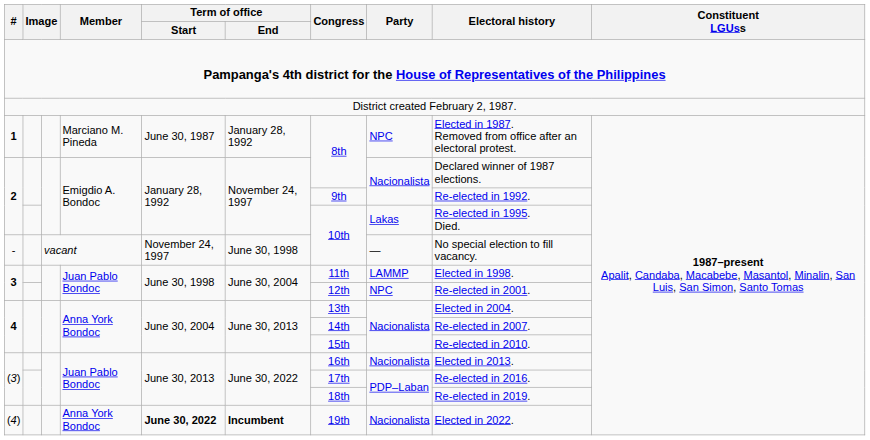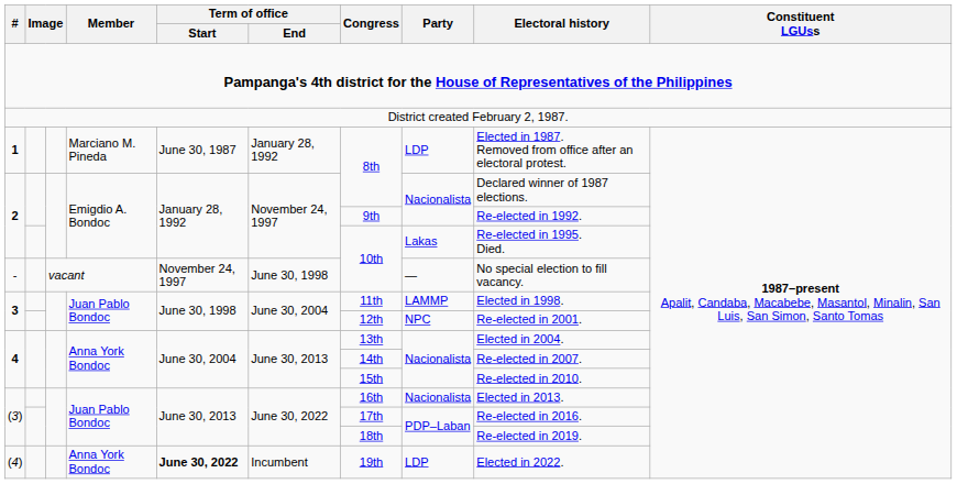 <table class=wikitable>
 <tr>
 <th rowspan="2">#</th>
 <th rowspan="2" colspan=2>Image</th>
 <th rowspan="2">Member</th>
 <th colspan=2>Term of office</th>
 <th rowspan="2">Congress</th>
 <th rowspan="2">Party</th>
 <th rowspan="2">Electoral history</th>
 <th rowspan="2">Constituent<br><a href='#'>LGUs</a>s</th>
 </tr>
 <tr>
 <th>Start</th>
 <th>End</th>
 </tr>
 <tr>
 <td colspan="10" style="text-align:center;"><br><h3>Pampanga's 4th district for the <a href='#'>House of Representatives of the Philippines</a></h3></td>
 </tr>
 <tr>
 <td colspan="10" style="text-align:center;">District created February 2, 1987.</td>
 </tr>
 <tr>
 <td style="text-align:center;"><strong>1</strong></td>
 <td style="color:inherit;background:"></td>
 <td></td>
 <td>Marciano M. Pineda</td>
 <td>June 30, 1987</td>
 <td>January 28, 1992</td>
 <td rowspan="2" style="text-align:center;"><a href='#'>8th</a></td>
-<td><a href='#'>NPC</a></td>
+<td><a href='#'>LDP</a></td>
 <td><a href='#'>Elected in 1987</a>.<br>Removed from office after an electoral protest.</td>
 <td rowspan="14" style="text-align:center;"><strong>1987–present</strong><br><a href='#'>Apalit</a>, <a href='#'>Candaba</a>, <a href='#'>Macabebe</a>, <a href='#'>Masantol</a>, <a href='#'>Minalin</a>, <a href='#'>San Luis</a>, <a href='#'>San Simon</a>, <a href='#'>Santo Tomas</a></td>
 </tr>
 <tr>
 <td rowspan="3" style="text-align:center;"><strong>2</strong></td>
 <td rowspan="2" style="color:inherit;background:"></td>
 <td rowspan="3"></td>
 <td rowspan="3">Emigdio A. Bondoc</td>
 <td rowspan="3">January 28, 1992</td>
 <td rowspan="3">November 24, 1997</td>
 <td rowspan="2"><a href='#'>Nacionalista</a></td>
 <td>Declared winner of 1987 elections.</td>
 </tr>
 <tr>
 <td style="text-align:center;"><a href='#'>9th</a></td>
 <td><a href='#'>Re-elected in 1992</a>.</td>
 </tr>
 <tr>
 <td style="color:inherit;background:"></td>
 <td rowspan="2" style="text-align:center;"><a href='#'>10th</a></td>
 <td><a href='#'>Lakas</a></td>
 <td><a href='#'>Re-elected in 1995</a>.<br>Died.</td>
 </tr>
 <tr>
 <td style="text-align:center;">-</td>
 <td style="color:inherit;background:"></td>
 <td colspan="2"><em>vacant</em></td>
 <td>November 24, 1997</td>
 <td>June 30, 1998</td>
 <td>—</td>
 <td>No special election to fill vacancy.</td>
 </tr>
 <tr>
 <td rowspan="2" style="text-align:center;"><strong>3</strong></td>
 <td style="color:inherit;background:"></td>
 <td rowspan="2"></td>
 <td rowspan="2"><a href='#'>Juan Pablo Bondoc</a></td>
 <td rowspan="2">June 30, 1998</td>
 <td rowspan="2">June 30, 2004</td>
 <td style="text-align:center;"><a href='#'>11th</a></td>
 <td><a href='#'>LAMMP</a></td>
 <td><a href='#'>Elected in 1998</a>.</td>
 </tr>
 <tr>
 <td style="color:inherit;background:"></td>
 <td style="text-align:center;"><a href='#'>12th</a></td>
 <td><a href='#'>NPC</a></td>
 <td><a href='#'>Re-elected in 2001</a>.</td>
 </tr>
 <tr>
 <td rowspan="3" style="text-align:center;"><strong>4</strong></td>
 <td rowspan="3" style="color:inherit;background:"></td>
 <td rowspan="3"></td>
 <td rowspan="3"><a href='#'>Anna York Bondoc</a></td>
 <td rowspan="3">June 30, 2004</td>
 <td rowspan="3">June 30, 2013</td>
 <td style="text-align:center;"><a href='#'>13th</a></td>
 <td rowspan="3"><a href='#'>Nacionalista</a></td>
 <td><a href='#'>Elected in 2004</a>.</td>
 </tr>
 <tr>
 <td style="text-align:center;"><a href='#'>14th</a></td>
 <td><a href='#'>Re-elected in 2007</a>.</td>
 </tr>
 <tr>
 <td style="text-align:center;"><a href='#'>15th</a></td>
 <td><a href='#'>Re-elected in 2010</a>.</td>
 </tr>
 <tr>
 <td rowspan="3" style="text-align:center;">(<em>3</em>)</td>
 <td style="color:inherit;background:"></td>
 <td rowspan="3"></td>
 <td rowspan="3"><a href='#'>Juan Pablo Bondoc</a></td>
 <td rowspan="3">June 30, 2013</td>
 <td rowspan="3">June 30, 2022</td>
 <td style="text-align:center;"><a href='#'>16th</a></td>
 <td><a href='#'>Nacionalista</a></td>
 <td><a href='#'>Elected in 2013</a>.</td>
 </tr>
 <tr>
 <td rowspan="2" style="color:inherit;background:"></td>
 <td style="text-align:center;"><a href='#'>17th</a></td>
 <td rowspan="2"><a href='#'>PDP–Laban</a></td>
 <td><a href='#'>Re-elected in 2016</a>.</td>
 </tr>
 <tr>
 <td style="text-align:center;"><a href='#'>18th</a></td>
 <td><a href='#'>Re-elected in 2019</a>.</td>
 </tr>
 <tr>
 <td style="text-align:center;">(<em>4</em>)</td>
 <td style="color:inherit;background:"></td>
 <td></td>
 <td><a href='#'>Anna York Bondoc</a></td>
 <td><strong>June 30, 2022</strong></td>
-<td><strong>Incumbent</strong></td>
+<td>Incumbent</td>
 <td style="text-align:center;"><a href='#'>19th</a></td>
-<td><a href='#'>Nacionalista</a></td>
+<td><a href='#'>LDP</a></td>
 <td><a href='#'>Elected in 2022</a>.</td>
 </tr>
 </table>
